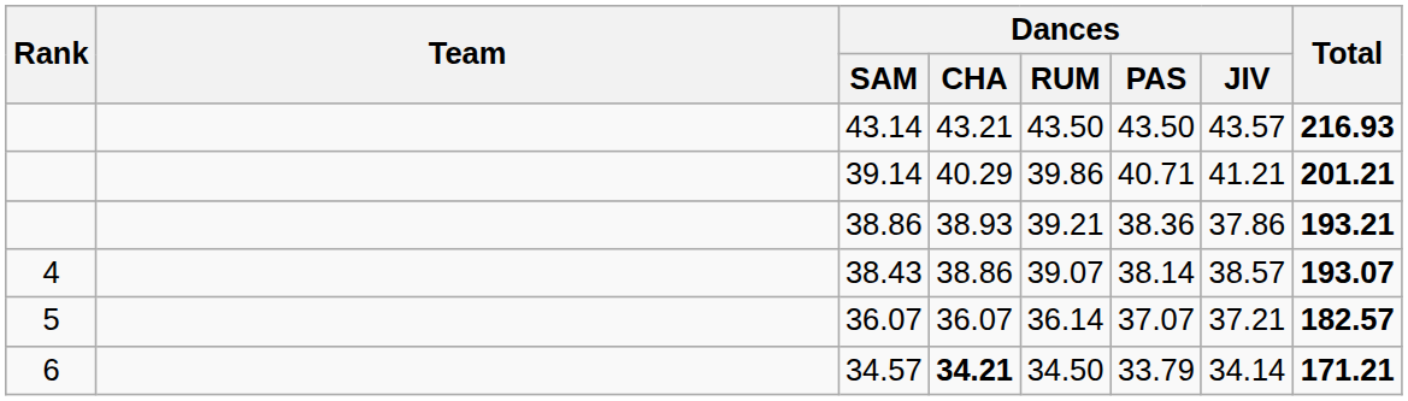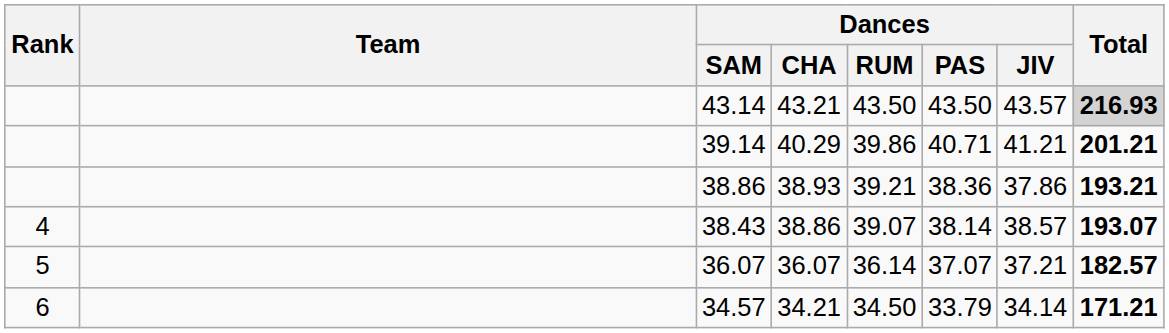 <table class=wikitable style="text-align:center">
 <tr>
 <th rowspan="2" width=40>Rank</th>
 <th rowspan="2" width=380>Team</th>
 <th colspan="5">Dances</th>
 <th rowspan="2" width=50>Total</th>
 </tr>
 <tr>
 <th width=40>SAM</th>
 <th width=40>CHA</th>
 <th width=40>RUM</th>
 <th width=40>PAS</th>
 <th width=40>JIV</th>
 </tr>
 <tr>
 <td></td>
 <td align=left></td>
 <td>43.14</td>
 <td>43.21</td>
 <td>43.50</td>
 <td>43.50</td>
 <td>43.57</td>
-<td><strong>216.93</strong></td>
+<td style="background: lightgrey;"><strong>216.93</strong></td>
 </tr>
 <tr>
 <td></td>
 <td align=left></td>
 <td>39.14</td>
 <td>40.29</td>
 <td>39.86</td>
 <td>40.71</td>
 <td>41.21</td>
 <td><strong>201.21</strong></td>
 </tr>
 <tr>
 <td></td>
 <td align=left></td>
 <td>38.86</td>
 <td>38.93</td>
 <td>39.21</td>
 <td>38.36</td>
 <td>37.86</td>
 <td><strong>193.21</strong></td>
 </tr>
 <tr>
 <td>4</td>
 <td align=left></td>
 <td>38.43</td>
 <td>38.86</td>
 <td>39.07</td>
 <td>38.14</td>
 <td>38.57</td>
 <td><strong>193.07</strong></td>
 </tr>
 <tr>
 <td>5</td>
 <td align=left></td>
 <td>36.07</td>
 <td>36.07</td>
 <td>36.14</td>
 <td>37.07</td>
 <td>37.21</td>
 <td><strong>182.57</strong></td>
 </tr>
 <tr>
 <td>6</td>
 <td align=left></td>
 <td>34.57</td>
-<td><strong>34.21</strong></td>
+<td>34.21</td>
 <td>34.50</td>
 <td>33.79</td>
 <td>34.14</td>
 <td><strong>171.21</strong></td>
 </tr>
 </table>
